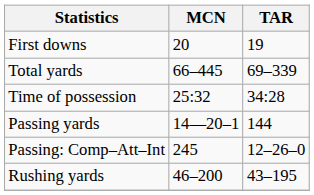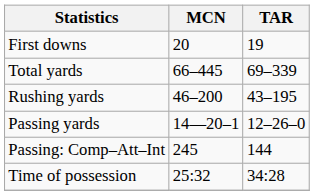 <table class="wikitable" style="float: left;">
 <tr>
 <th>Statistics</th>
 <th>MCN</th>
 <th>TAR</th>
 </tr>
 <tr>
 <td>First downs</td>
 <td>20</td>
 <td>19</td>
 </tr>
 <tr>
 <td>Total yards</td>
 <td>66–445</td>
 <td>69–339</td>
 </tr>
 <tr>
+<td>Rushing yards</td>
+<td>46–200</td>
+<td>43–195</td>
+</tr>
+<tr>
+<td>Passing yards</td>
+<td>14—20–1</td>
+<td>12–26–0</td>
+</tr>
+<tr>
+<td>Passing: Comp–Att–Int</td>
+<td>245</td>
+<td>144</td>
+</tr>
+<tr>
 <td>Time of possession</td>
 <td>25:32</td>
 <td>34:28</td>
 </tr>
 <tr>
-<td>Passing yards</td>
-<td>14—20–1</td>
-<td>144</td>
-</tr>
-<tr>
-<td>Passing: Comp–Att–Int</td>
-<td>245</td>
-<td>12–26–0</td>
-</tr>
-<tr>
-<td>Rushing yards</td>
-<td>46–200</td>
-<td>43–195</td>
-</tr>
-<tr>
 </tr>
 </table>
